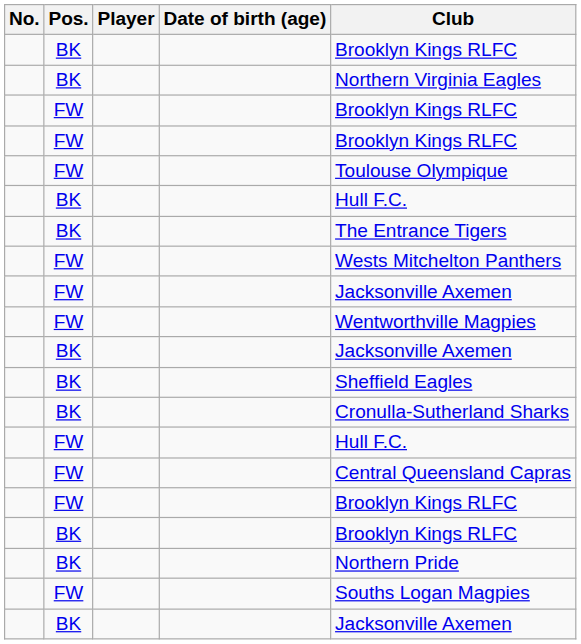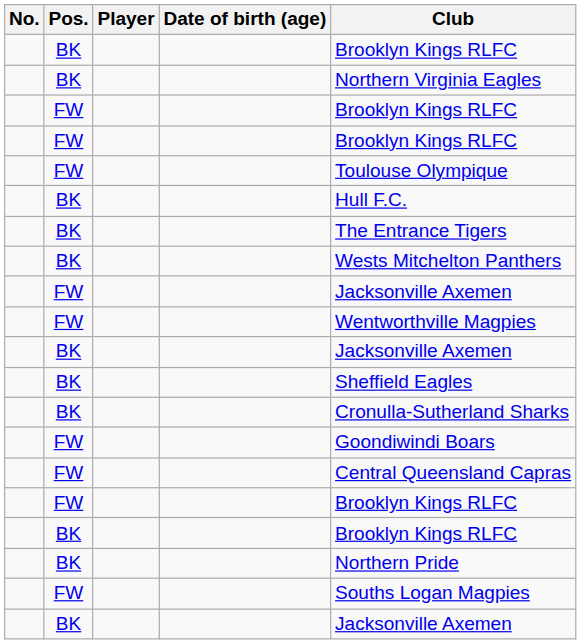 <table class="wikitable sortable">
 <tr>
 <th>No.</th>
 <th>Pos.</th>
 <th>Player</th>
 <th>Date of birth (age)</th>
 <th>Club</th>
 </tr>
 <tr>
 <td></td>
 <td align=center><a href='#'>BK</a></td>
 <td></td>
 <td></td>
 <td> <a href='#'>Brooklyn Kings RLFC</a></td>
 </tr>
 <tr>
 <td></td>
 <td align=center><a href='#'>BK</a></td>
 <td></td>
 <td></td>
 <td> <a href='#'>Northern Virginia Eagles</a></td>
 </tr>
 <tr>
 <td></td>
 <td align=center><a href='#'>FW</a></td>
 <td></td>
 <td></td>
 <td> <a href='#'>Brooklyn Kings RLFC</a></td>
 </tr>
 <tr>
 <td></td>
 <td align=center><a href='#'>FW</a></td>
 <td></td>
 <td></td>
 <td> <a href='#'>Brooklyn Kings RLFC</a></td>
 </tr>
 <tr>
 <td></td>
 <td align=center><a href='#'>FW</a></td>
 <td></td>
 <td></td>
 <td> <a href='#'>Toulouse Olympique</a></td>
 </tr>
 <tr>
 <td></td>
 <td align=center><a href='#'>BK</a></td>
 <td></td>
 <td></td>
 <td> <a href='#'>Hull F.C.</a></td>
 </tr>
 <tr>
 <td></td>
 <td align=center><a href='#'>BK</a></td>
 <td></td>
 <td></td>
 <td> <a href='#'>The Entrance Tigers</a></td>
 </tr>
 <tr>
 <td></td>
-<td align=center><a href='#'>FW</a></td>
+<td align=center><a href='#'>BK</a></td>
 <td></td>
 <td></td>
 <td> <a href='#'>Wests Mitchelton Panthers</a></td>
 </tr>
 <tr>
 <td></td>
 <td align=center><a href='#'>FW</a></td>
 <td></td>
 <td></td>
 <td> <a href='#'>Jacksonville Axemen</a></td>
 </tr>
 <tr>
 <td></td>
 <td align=center><a href='#'>FW</a></td>
 <td></td>
 <td></td>
 <td> <a href='#'>Wentworthville Magpies</a></td>
 </tr>
 <tr>
 <td></td>
 <td align=center><a href='#'>BK</a></td>
 <td></td>
 <td></td>
 <td> <a href='#'>Jacksonville Axemen</a></td>
 </tr>
 <tr>
 <td></td>
 <td align=center><a href='#'>BK</a></td>
 <td></td>
 <td></td>
 <td> <a href='#'>Sheffield Eagles</a></td>
 </tr>
 <tr>
 <td></td>
 <td align=center><a href='#'>BK</a></td>
 <td></td>
 <td></td>
 <td> <a href='#'>Cronulla-Sutherland Sharks</a></td>
 </tr>
 <tr>
 <td></td>
 <td align=center><a href='#'>FW</a></td>
 <td></td>
 <td></td>
-<td> <a href='#'>Hull F.C.</a></td>
+<td> <a href='#'>Goondiwindi Boars</a></td>
 </tr>
 <tr>
 <td></td>
 <td align=center><a href='#'>FW</a></td>
 <td></td>
 <td></td>
 <td> <a href='#'>Central Queensland Capras</a></td>
 </tr>
 <tr>
 <td></td>
 <td align=center><a href='#'>FW</a></td>
 <td></td>
 <td></td>
 <td> <a href='#'>Brooklyn Kings RLFC</a></td>
 </tr>
 <tr>
 <td></td>
 <td align=center><a href='#'>BK</a></td>
 <td></td>
 <td></td>
 <td> <a href='#'>Brooklyn Kings RLFC</a></td>
 </tr>
 <tr>
 <td></td>
 <td align=center><a href='#'>BK</a></td>
 <td></td>
 <td></td>
 <td> <a href='#'>Northern Pride</a></td>
 </tr>
 <tr>
 <td></td>
 <td align=center><a href='#'>FW</a></td>
 <td></td>
 <td></td>
 <td> <a href='#'>Souths Logan Magpies</a></td>
 </tr>
 <tr>
 <td></td>
 <td align=center><a href='#'>BK</a></td>
 <td></td>
 <td></td>
 <td> <a href='#'>Jacksonville Axemen</a></td>
 </tr>
 </table>
